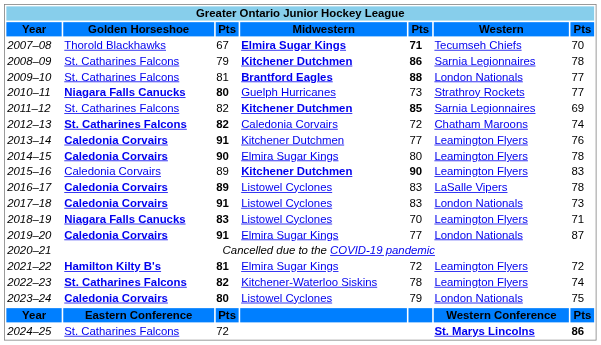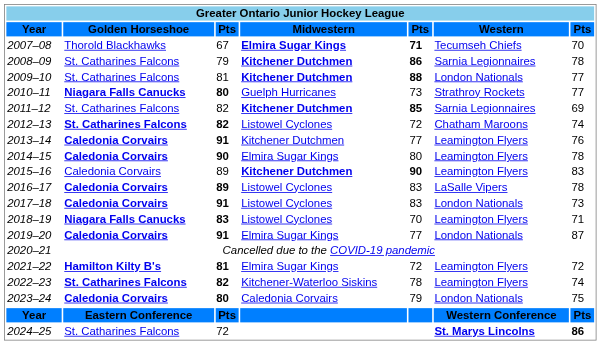 <table cellpadding="1" width="750px" style="font-size: 90%; border: 1px solid gray;">
 <tr align="center" bgcolor="#87CEEB">
 <td colspan="11"><strong>Greater Ontario Junior Hockey League</strong></td>
 </tr>
 <tr bgcolor="#007FFF">
 <th style= width="60">Year</th>
 <th style= width="189">Golden Horseshoe</th>
 <th style= width="33">Pts</th>
 <th style= width="189">Midwestern</th>
 <th style= width="33">Pts</th>
 <th style= width="189">Western</th>
 <th style= width="33">Pts</th>
 </tr>
 <tr>
 <td><em>2007–08</em></td>
 <td><a href='#'>Thorold Blackhawks</a></td>
 <td>67</td>
 <td><strong><a href='#'>Elmira Sugar Kings</a></strong></td>
 <td><strong>71</strong></td>
 <td><a href='#'>Tecumseh Chiefs</a></td>
 <td>70</td>
 </tr>
 <tr>
 <td><em>2008–09</em></td>
 <td><a href='#'>St. Catharines Falcons</a></td>
 <td>79</td>
 <td><strong><a href='#'>Kitchener Dutchmen</a></strong></td>
 <td><strong>86</strong></td>
 <td><a href='#'>Sarnia Legionnaires</a></td>
 <td>78</td>
 </tr>
 <tr>
 <td><em>2009–10</em></td>
 <td><a href='#'>St. Catharines Falcons</a></td>
 <td>81</td>
-<td><strong><a href='#'>Brantford Eagles</a></strong></td>
+<td><strong><a href='#'>Kitchener Dutchmen</a></strong></td>
 <td><strong>88</strong></td>
 <td><a href='#'>London Nationals</a></td>
 <td>77</td>
 </tr>
 <tr>
 <td><em>2010–11</em></td>
 <td><strong><a href='#'>Niagara Falls Canucks</a></strong></td>
 <td><strong>80</strong></td>
 <td><a href='#'>Guelph Hurricanes</a></td>
 <td>73</td>
 <td><a href='#'>Strathroy Rockets</a></td>
 <td>77</td>
 </tr>
 <tr>
 <td><em>2011–12</em></td>
 <td><a href='#'>St. Catharines Falcons</a></td>
 <td>82</td>
 <td><strong><a href='#'>Kitchener Dutchmen</a></strong></td>
 <td><strong>85</strong></td>
 <td><a href='#'>Sarnia Legionnaires</a></td>
 <td>69</td>
 </tr>
 <tr>
 <td><em>2012–13</em></td>
 <td><strong><a href='#'>St. Catharines Falcons</a></strong></td>
 <td><strong>82</strong></td>
-<td><a href='#'>Caledonia Corvairs</a></td>
+<td><a href='#'>Listowel Cyclones</a></td>
 <td>72</td>
 <td><a href='#'>Chatham Maroons</a></td>
 <td>74</td>
 </tr>
 <tr>
 <td><em>2013–14</em></td>
 <td><strong><a href='#'>Caledonia Corvairs</a></strong></td>
 <td><strong>91</strong></td>
 <td><a href='#'>Kitchener Dutchmen</a></td>
 <td>77</td>
 <td><a href='#'>Leamington Flyers</a></td>
 <td>76</td>
 </tr>
 <tr>
 <td><em>2014–15</em></td>
 <td><strong><a href='#'>Caledonia Corvairs</a></strong></td>
 <td><strong>90</strong></td>
 <td><a href='#'>Elmira Sugar Kings</a></td>
 <td>80</td>
 <td><a href='#'>Leamington Flyers</a></td>
 <td>78</td>
 </tr>
 <tr>
 <td><em>2015–16</em></td>
 <td><a href='#'>Caledonia Corvairs</a></td>
 <td>89</td>
 <td><strong><a href='#'>Kitchener Dutchmen</a></strong></td>
 <td><strong>90</strong></td>
 <td><a href='#'>Leamington Flyers</a></td>
 <td>83</td>
 </tr>
 <tr>
 <td><em>2016–17</em></td>
 <td><strong><a href='#'>Caledonia Corvairs</a></strong></td>
 <td><strong>89</strong></td>
 <td><a href='#'>Listowel Cyclones</a></td>
 <td>83</td>
 <td><a href='#'>LaSalle Vipers</a></td>
 <td>78</td>
 </tr>
 <tr>
 <td><em>2017–18</em></td>
 <td><strong><a href='#'>Caledonia Corvairs</a></strong></td>
 <td><strong>91</strong></td>
 <td><a href='#'>Listowel Cyclones</a></td>
 <td>83</td>
 <td><a href='#'>London Nationals</a></td>
 <td>73</td>
 </tr>
 <tr>
 <td><em>2018–19</em></td>
 <td><strong><a href='#'>Niagara Falls Canucks</a></strong></td>
 <td><strong>83</strong></td>
 <td><a href='#'>Listowel Cyclones</a></td>
 <td>70</td>
 <td><a href='#'>Leamington Flyers</a></td>
 <td>71</td>
 </tr>
 <tr>
 <td><em>2019–20</em></td>
 <td><strong><a href='#'>Caledonia Corvairs</a></strong></td>
 <td><strong>91</strong></td>
 <td><a href='#'>Elmira Sugar Kings</a></td>
 <td>77</td>
 <td><a href='#'>London Nationals</a></td>
 <td>87</td>
 </tr>
 <tr>
 <td><em>2020–21</em></td>
 <td colspan=6 style="text-align: center"><em>Cancelled due to the <a href='#'>COVID-19 pandemic</a></em></td>
 </tr>
 <tr>
 <td><em>2021–22</em></td>
 <td><strong><a href='#'>Hamilton Kilty B's</a></strong></td>
 <td><strong>81</strong></td>
 <td><a href='#'>Elmira Sugar Kings</a></td>
 <td>72</td>
 <td><a href='#'>Leamington Flyers</a></td>
 <td>72</td>
 </tr>
 <tr>
 <td><em>2022–23</em></td>
 <td><strong><a href='#'>St. Catharines Falcons</a></strong></td>
 <td><strong>82</strong></td>
 <td><a href='#'>Kitchener-Waterloo Siskins</a></td>
 <td>78</td>
 <td><a href='#'>Leamington Flyers</a></td>
 <td>74</td>
 </tr>
 <tr>
 <td><em>2023–24</em></td>
 <td><strong><a href='#'>Caledonia Corvairs</a></strong></td>
 <td><strong>80</strong></td>
-<td><a href='#'>Listowel Cyclones</a></td>
+<td><a href='#'>Caledonia Corvairs</a></td>
 <td>79</td>
 <td><a href='#'>London Nationals</a></td>
 <td>75</td>
 </tr>
 <tr>
 </tr>
 <tr bgcolor="#007FFF">
 <th style= width="60">Year</th>
 <th style= width="280">Eastern Conference</th>
 <th style= width="35">Pts</th>
 <th style= width="280"></th>
 <th style= width="35"></th>
 <th style= width="280">Western Conference</th>
 <th style= width="35">Pts</th>
 </tr>
 <tr>
 <td><em>2024–25</em></td>
 <td><a href='#'>St. Catharines Falcons</a></td>
 <td>72</td>
 <th></th>
 <th></th>
 <td><strong><a href='#'>St. Marys Lincolns</a></strong></td>
 <td><strong>86</strong></td>
 </tr>
 </table>
